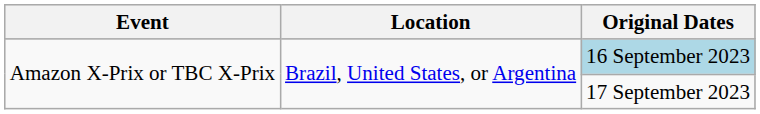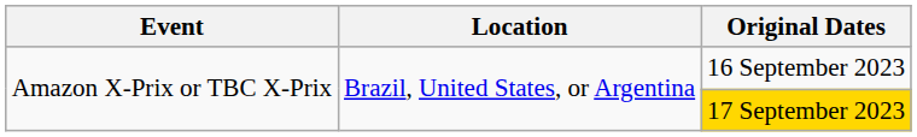 <table class="wikitable" style="font-size: 85%">
 <tr>
 <th>Event</th>
 <th>Location</th>
 <th>Original Dates</th>
 </tr>
 <tr>
 <td rowspan="2">Amazon X-Prix or TBC X-Prix</td>
 <td rowspan="2"> <a href='#'>Brazil</a>,  <a href='#'>United States</a>, or   <a href='#'>Argentina</a></td>
-<td style="background: lightblue;">16 September 2023</td>
+<td>16 September 2023</td>
 </tr>
 <tr>
-<td>17 September 2023</td>
+<td style="background: gold;">17 September 2023</td>
 </tr>
 </table>
